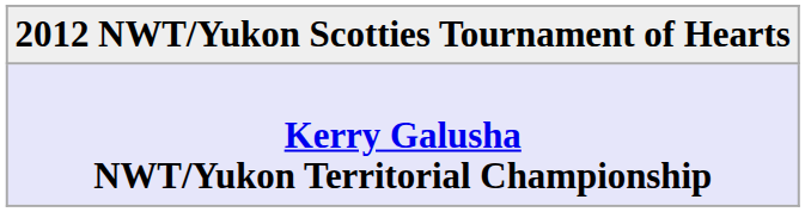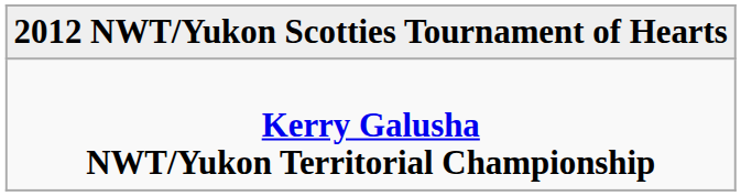 <table class="wikitable" style="text-align: center; margin: 0 auto;">
 <tr>
 <td style="background:#efefef;"><strong>2012 NWT/Yukon Scotties Tournament of Hearts</strong></td>
 </tr>
 <tr>
-<td align=center style="background: lavender;"> <br> <strong><a href='#'>Kerry Galusha</a></strong> <br> <strong>NWT/Yukon Territorial Championship</strong></td>
+<td align=center> <br> <strong><a href='#'>Kerry Galusha</a></strong> <br> <strong>NWT/Yukon Territorial Championship</strong></td>
 </tr>
 </table>
